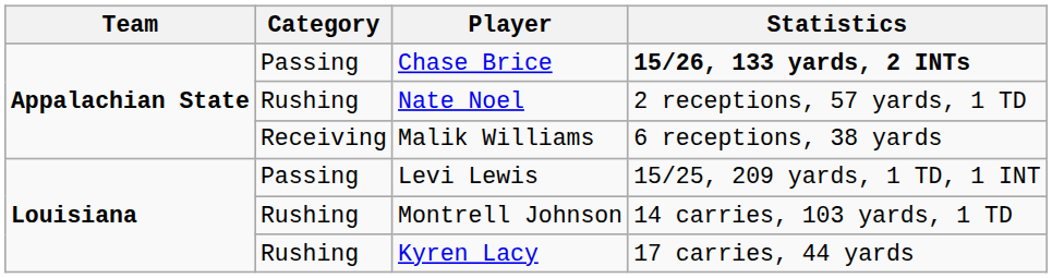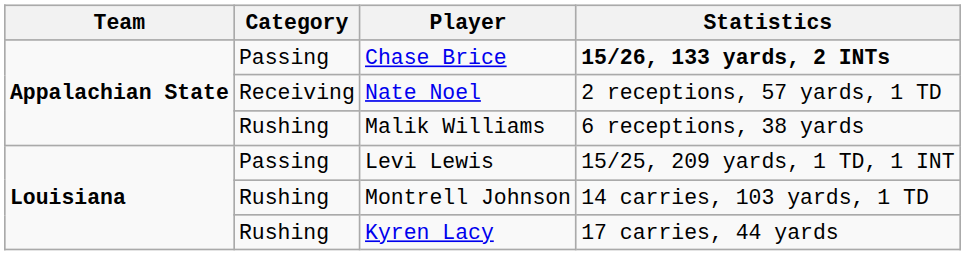 <table class="wikitable" style="float: left;">
 <tr>
 <th>Team</th>
 <th>Category</th>
 <th>Player</th>
 <th>Statistics</th>
 </tr>
 <tr>
 <td rowspan=3><strong>Appalachian State</strong></td>
 <td>Passing</td>
 <td><a href='#'>Chase Brice</a></td>
 <td><strong>15/26, 133 yards, 2 INTs</strong></td>
 </tr>
 <tr>
-<td>Rushing</td>
+<td>Receiving</td>
 <td><a href='#'>Nate Noel</a></td>
 <td>2 receptions, 57 yards, 1 TD</td>
 </tr>
 <tr>
-<td>Receiving</td>
+<td>Rushing</td>
 <td>Malik Williams</td>
 <td>6 receptions, 38 yards</td>
 </tr>
 <tr>
 <td rowspan=3><strong>Louisiana</strong></td>
 <td>Passing</td>
 <td>Levi Lewis</td>
 <td>15/25, 209 yards, 1 TD, 1 INT</td>
 </tr>
 <tr>
 <td>Rushing</td>
 <td>Montrell Johnson</td>
 <td>14 carries, 103 yards, 1 TD</td>
 </tr>
 <tr>
 <td>Rushing</td>
 <td><a href='#'>Kyren Lacy</a></td>
 <td>17 carries, 44 yards</td>
 </tr>
 </table>
